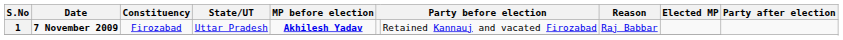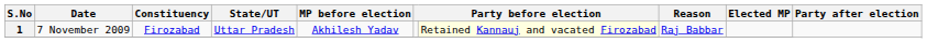 <table class="wikitable sortable" style="text-align:center;">
 <tr>
 <th>S.No</th>
 <th>Date</th>
 <th>Constituency</th>
 <th>State/UT</th>
 <th>MP before election</th>
 <th colspan=2>Party before election</th>
 <th>Reason</th>
 <th>Elected MP</th>
 <th colspan=2>Party after election</th>
 </tr>
 <tr>
 <th>1</th>
-<td><strong>7 November 2009</strong></td>
+<td>7 November 2009</td>
 <td><a href='#'>Firozabad</a></td>
 <td><a href='#'>Uttar Pradesh</a></td>
-<td><strong><a href='#'>Akhilesh Yadav</a></strong></td>
+<td><a href='#'>Akhilesh Yadav</a></td>
 <td></td>
-<td>Retained <a href='#'>Kannauj</a> and vacated <a href='#'>Firozabad</a></td>
+<td style="background: lightyellow;">Retained <a href='#'>Kannauj</a> and vacated <a href='#'>Firozabad</a></td>
 <td><a href='#'>Raj Babbar</a></td>
 <td></td>
 </tr>
 <tr>
 </tr>
 </table>
